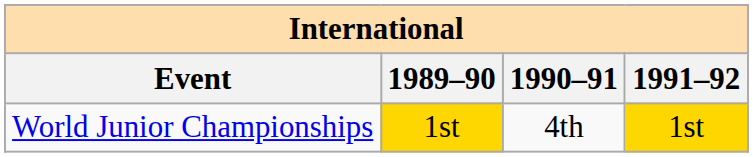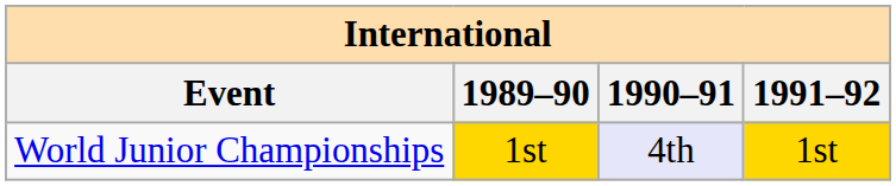 <table class="wikitable" style="text-align:center">
 <tr>
 <th style="background-color: #ffdead; " colspan=4 align=center>International</th>
 </tr>
 <tr>
 <th>Event</th>
 <th>1989–90</th>
 <th>1990–91</th>
 <th>1991–92</th>
 </tr>
 <tr>
 <td align=left><a href='#'>World Junior Championships</a></td>
 <td bgcolor=gold>1st</td>
-<td>4th</td>
+<td style="background: lavender;">4th</td>
 <td bgcolor=gold>1st</td>
 </tr>
 </table>
